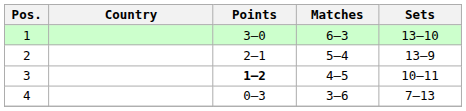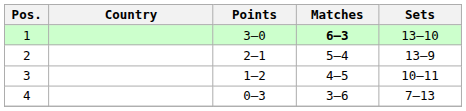 <table class="wikitable" style="text-align:center;">
 <tr>
 <th width=40>Pos.</th>
 <th width=165>Country</th>
 <th width=80>Points</th>
 <th width=80>Matches</th>
 <th width=80>Sets</th>
 </tr>
 <tr style="background:#ccffcc;">
 <td>1</td>
 <td style="text-align:left;"></td>
 <td>3–0</td>
-<td>6–3</td>
+<td><strong>6–3</strong></td>
 <td>13–10</td>
 </tr>
 <tr style="background:#ffffff;">
 <td>2</td>
 <td style="text-align:left;"></td>
 <td>2–1</td>
 <td>5–4</td>
 <td>13–9</td>
 </tr>
 <tr style="background:#ffffff;">
 <td>3</td>
 <td style="text-align:left;"></td>
-<td><strong>1–2</strong></td>
+<td>1–2</td>
 <td>4–5</td>
 <td>10–11</td>
 </tr>
 <tr style="background:#ffffff;">
 <td>4</td>
 <td style="text-align:left;"></td>
 <td>0–3</td>
 <td>3–6</td>
 <td>7–13</td>
 </tr>
 <tr style="background:#ffffff;">
 </tr>
 </table>
